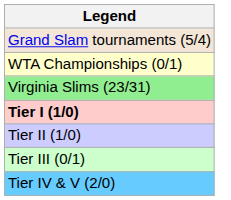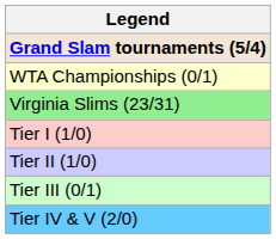 <table class="wikitable sortable mw-collapsible mw-collapsed">
 <tr>
 <th>Legend</th>
 </tr>
 <tr>
-<td style="background:#f3e6d7;"><a href='#'>Grand Slam</a> tournaments (5/4)</td>
+<td style="background:#f3e6d7;"><strong><a href='#'>Grand Slam</a> tournaments (5/4)</strong></td>
 </tr>
 <tr>
 <td style="background:#ffc;">WTA Championships (0/1)</td>
 </tr>
 <tr>
 <td style="background: lightgreen;">Virginia Slims (23/31)</td>
 </tr>
 <tr>
-<td style="background:#fcc;"><strong>Tier I (1/0)</strong></td>
+<td style="background:#fcc;">Tier I (1/0)</td>
 </tr>
 <tr>
 <td style="background:#ccf;">Tier II (1/0)</td>
 </tr>
 <tr>
 <td style="background:#cfc;">Tier III (0/1)</td>
 </tr>
 <tr>
 <td style="background:#6cf;">Tier IV & V (2/0)</td>
 </tr>
 </table>
